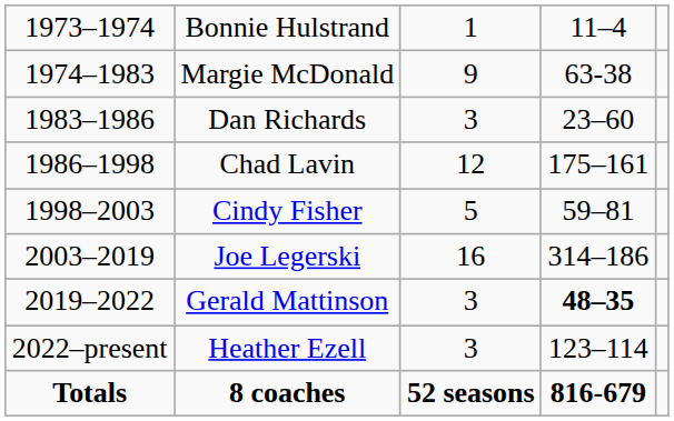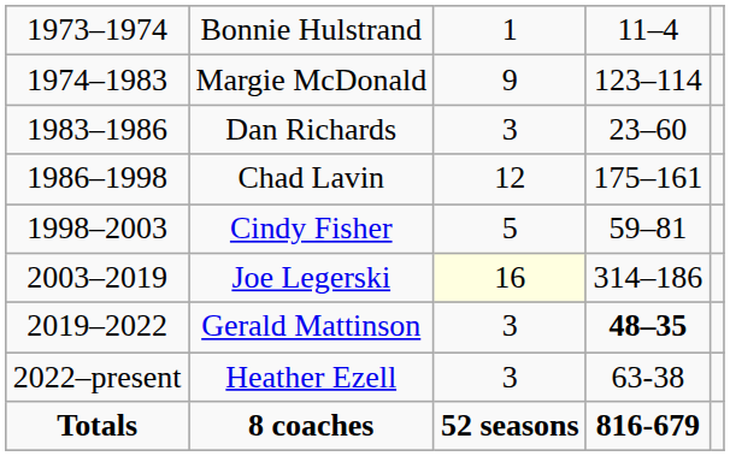 <table class="wikitable" style="text-align:center">
 <tr>
 <td>1973–1974</td>
 <td>Bonnie Hulstrand</td>
 <td>1</td>
 <td>11–4</td>
 <td></td>
 </tr>
 <tr>
 <td>1974–1983</td>
 <td>Margie McDonald</td>
 <td>9</td>
-<td>63-38</td>
+<td>123–114</td>
 <td></td>
 </tr>
 <tr>
 <td>1983–1986</td>
 <td>Dan Richards</td>
 <td>3</td>
 <td>23–60</td>
 <td></td>
 </tr>
 <tr>
 <td>1986–1998</td>
 <td>Chad Lavin</td>
 <td>12</td>
 <td>175–161</td>
 <td></td>
 </tr>
 <tr>
 <td>1998–2003</td>
 <td><a href='#'>Cindy Fisher</a></td>
 <td>5</td>
 <td>59–81</td>
 <td></td>
 </tr>
 <tr>
 <td>2003–2019</td>
 <td><a href='#'>Joe Legerski</a></td>
-<td>16</td>
+<td style="background: lightyellow;">16</td>
 <td>314–186</td>
 <td></td>
 </tr>
 <tr>
 <td>2019–2022</td>
 <td><a href='#'>Gerald Mattinson</a></td>
 <td>3</td>
 <td><strong>48–35</strong></td>
 <td></td>
 </tr>
 <tr>
 <td>2022–present</td>
 <td><a href='#'>Heather Ezell</a></td>
 <td>3</td>
-<td>123–114</td>
+<td>63-38</td>
 <td></td>
 </tr>
 <tr style="font-weight:bold; ">
 <td>Totals</td>
 <td>8 coaches</td>
 <td>52 seasons</td>
 <td>816-679</td>
 <td></td>
 </tr>
 </table>
